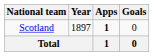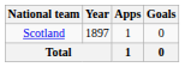 <table class=wikitable style="text-align: center">
 <tr>
 <th>National team</th>
 <th>Year</th>
 <th>Apps</th>
 <th>Goals</th>
 </tr>
 <tr>
 <td><a href='#'>Scotland</a></td>
 <td>1897</td>
-<td><strong>1</strong></td>
+<td>1</td>
 <td>0</td>
 </tr>
 <tr>
 <th colspan=2>Total</th>
 <th>1</th>
 <th>0</th>
 </tr>
 </table>
